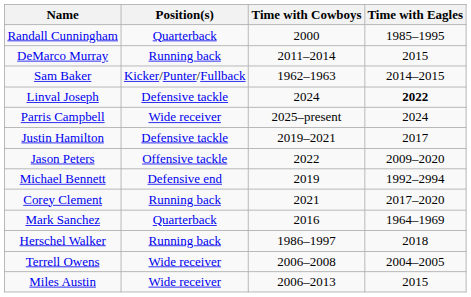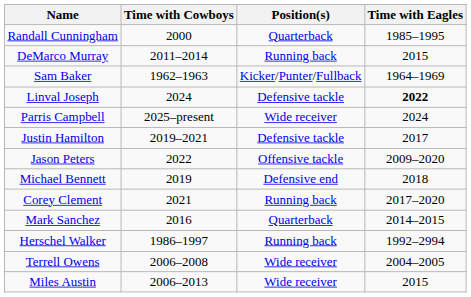 <table class="wikitable" style="text-align: center;">
 <tr>
 <th>Name</th>
+<th>Time with Cowboys</th>
 <th>Position(s)</th>
-<th>Time with Cowboys</th>
 <th>Time with Eagles</th>
 </tr>
 <tr>
 <td><a href='#'>Randall Cunningham</a></td>
+<td>2000</td>
 <td><a href='#'>Quarterback</a></td>
-<td>2000</td>
 <td>1985–1995</td>
 </tr>
 <tr>
 <td><a href='#'>DeMarco Murray</a></td>
+<td>2011–2014</td>
 <td><a href='#'>Running back</a></td>
-<td>2011–2014</td>
 <td>2015</td>
 </tr>
 <tr>
 <td><a href='#'>Sam Baker</a></td>
+<td>1962–1963</td>
 <td><a href='#'>Kicker</a>/<a href='#'>Punter</a>/<a href='#'>Fullback</a></td>
-<td>1962–1963</td>
-<td>2014–2015</td>
+<td>1964–1969</td>
 </tr>
 <tr>
 <td><a href='#'>Linval Joseph</a></td>
+<td>2024</td>
 <td><a href='#'>Defensive tackle</a></td>
-<td>2024</td>
 <td><strong>2022</strong></td>
 </tr>
 <tr>
 <td><a href='#'>Parris Campbell</a></td>
+<td>2025–present</td>
 <td><a href='#'>Wide receiver</a></td>
-<td>2025–present</td>
 <td>2024</td>
 </tr>
 <tr>
 <td><a href='#'>Justin Hamilton</a></td>
+<td>2019–2021</td>
 <td><a href='#'>Defensive tackle</a></td>
-<td>2019–2021</td>
 <td>2017</td>
 </tr>
 <tr>
 <td><a href='#'>Jason Peters</a></td>
+<td>2022</td>
 <td><a href='#'>Offensive tackle</a></td>
-<td>2022</td>
 <td>2009–2020</td>
 </tr>
 <tr>
 <td><a href='#'>Michael Bennett</a></td>
+<td>2019</td>
 <td><a href='#'>Defensive end</a></td>
-<td>2019</td>
-<td>1992–2994</td>
+<td>2018</td>
 </tr>
 <tr>
 <td><a href='#'>Corey Clement</a></td>
+<td>2021</td>
 <td><a href='#'>Running back</a></td>
-<td>2021</td>
 <td>2017–2020</td>
 </tr>
 <tr>
 <td><a href='#'>Mark Sanchez</a></td>
+<td>2016</td>
 <td><a href='#'>Quarterback</a></td>
-<td>2016</td>
-<td>1964–1969</td>
+<td>2014–2015</td>
 </tr>
 <tr>
 <td><a href='#'>Herschel Walker</a></td>
+<td>1986–1997</td>
 <td><a href='#'>Running back</a></td>
-<td>1986–1997</td>
-<td>2018</td>
+<td>1992–2994</td>
 </tr>
 <tr>
 <td><a href='#'>Terrell Owens</a></td>
+<td>2006–2008</td>
 <td><a href='#'>Wide receiver</a></td>
-<td>2006–2008</td>
 <td>2004–2005</td>
 </tr>
 <tr>
 <td><a href='#'>Miles Austin</a></td>
+<td>2006–2013</td>
 <td><a href='#'>Wide receiver</a></td>
-<td>2006–2013</td>
 <td>2015</td>
 </tr>
 </table>
